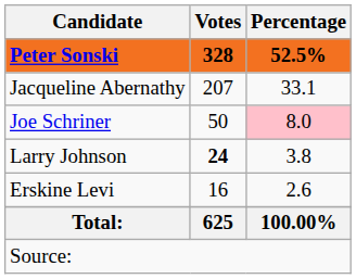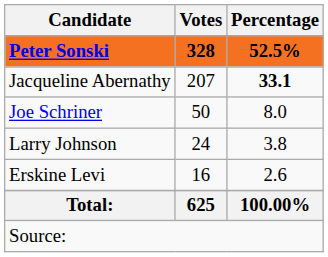 <table class="wikitable sortable tpl-blanktable" style="font-size:90%;text-align:center;">
 <tr>
 <th rowspan="2">Candidate</th>
 <th rowspan="2">Votes</th>
 <th rowspan="2">Percentage</th>
 </tr>
 <tr>
 </tr>
 <tr style="background:#F37120">
 <td style="text-align:left;"><strong><a href='#'>Peter Sonski</a></strong></td>
 <td><strong>328</strong></td>
 <td><strong>52.5%</strong></td>
 </tr>
 <tr>
 <td style="text-align:left;">Jacqueline Abernathy</td>
 <td>207</td>
-<td>33.1</td>
+<td><strong>33.1</strong></td>
 </tr>
 <tr>
 <td style="text-align:left;"><a href='#'>Joe Schriner</a></td>
 <td>50</td>
-<td style="background: pink;">8.0</td>
+<td>8.0</td>
 </tr>
 <tr>
 <td style="text-align:left;">Larry Johnson</td>
-<td><strong>24</strong></td>
+<td>24</td>
 <td>3.8</td>
 </tr>
 <tr>
 <td style="text-align:left;">Erskine Levi</td>
 <td>16</td>
 <td>2.6</td>
 </tr>
 <tr>
 </tr>
 <tr style="background:#eee;">
 <th>Total:</th>
 <th>625</th>
 <th>100.00%</th>
 </tr>
 <tr>
 <td colspan="5" style="text-align:left;">Source:</td>
 </tr>
 </table>
